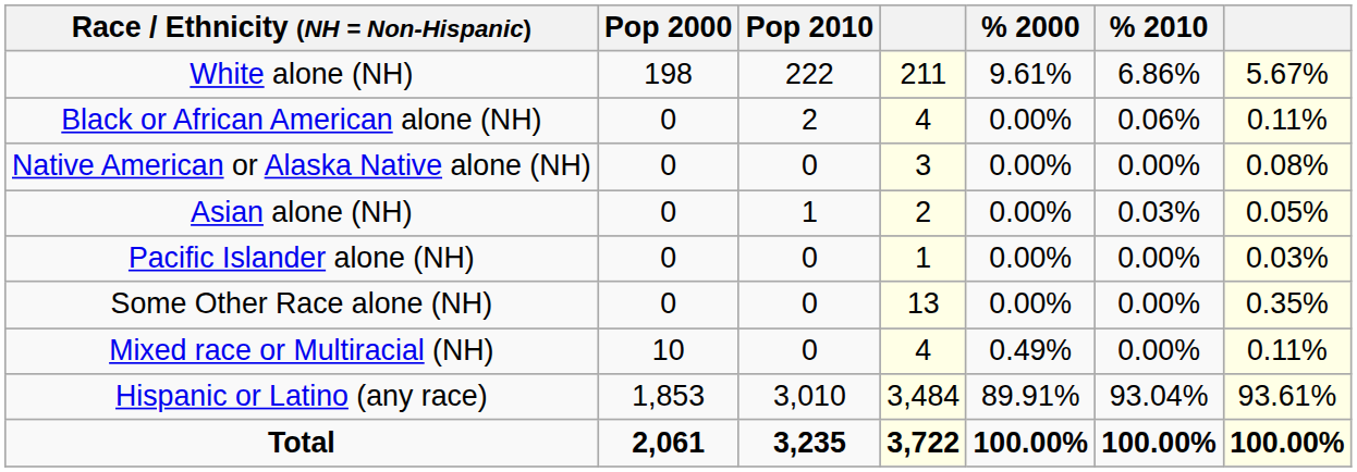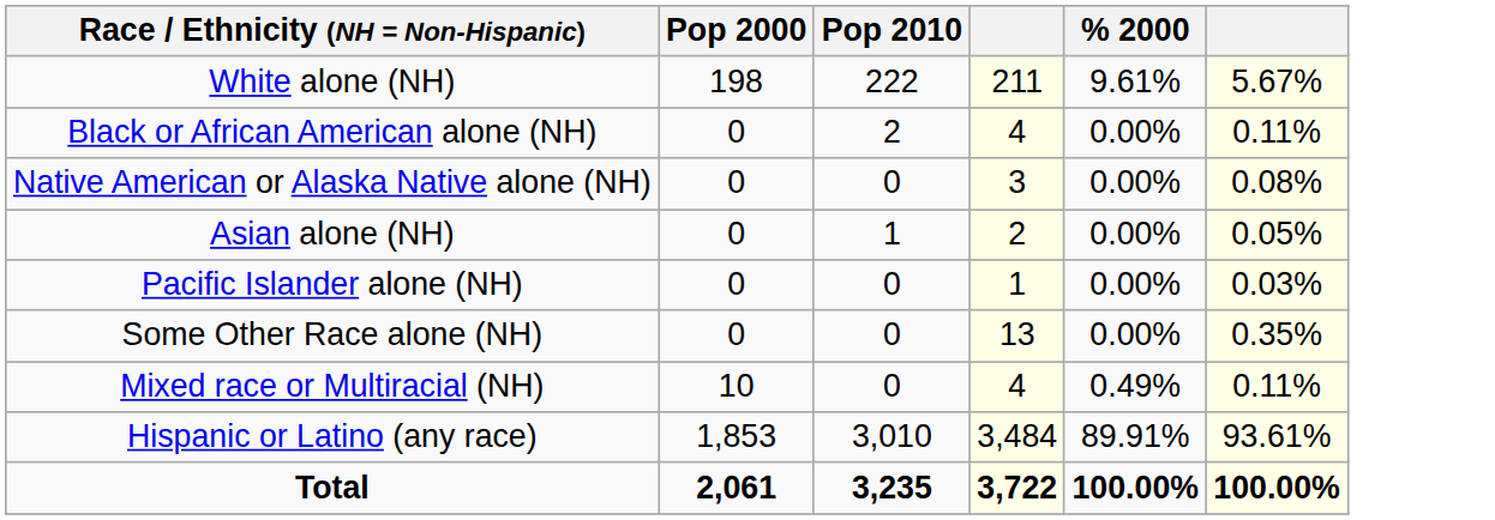 <table class="wikitable" style="text-align:center;">
 <tr>
 <th>Race / Ethnicity <small>(<em>NH = Non-Hispanic</em>)</small></th>
 <th>Pop 2000</th>
 <th>Pop 2010</th>
 <th></th>
 <th>% 2000</th>
-<th>% 2010</th>
 <th></th>
 </tr>
 <tr>
 <td><a href='#'>White</a> alone (NH)</td>
 <td>198</td>
 <td>222</td>
 <td style='background: #ffffe6;'>211</td>
 <td>9.61%</td>
-<td>6.86%</td>
 <td style='background: #ffffe6;'>5.67%</td>
 </tr>
 <tr>
 <td><a href='#'>Black or African American</a> alone (NH)</td>
 <td>0</td>
 <td>2</td>
 <td style='background: #ffffe6;'>4</td>
 <td>0.00%</td>
-<td>0.06%</td>
 <td style='background: #ffffe6;'>0.11%</td>
 </tr>
 <tr>
 <td><a href='#'>Native American</a> or <a href='#'>Alaska Native</a> alone (NH)</td>
 <td>0</td>
 <td>0</td>
 <td style='background: #ffffe6;'>3</td>
-<td>0.00%</td>
 <td>0.00%</td>
 <td style='background: #ffffe6;'>0.08%</td>
 </tr>
 <tr>
 <td><a href='#'>Asian</a> alone (NH)</td>
 <td>0</td>
 <td>1</td>
 <td style='background: #ffffe6;'>2</td>
 <td>0.00%</td>
-<td>0.03%</td>
 <td style='background: #ffffe6;'>0.05%</td>
 </tr>
 <tr>
 <td><a href='#'>Pacific Islander</a> alone (NH)</td>
 <td>0</td>
 <td>0</td>
 <td style='background: #ffffe6;'>1</td>
-<td>0.00%</td>
 <td>0.00%</td>
 <td style='background: #ffffe6;'>0.03%</td>
 </tr>
 <tr>
 <td>Some Other Race alone (NH)</td>
 <td>0</td>
 <td>0</td>
 <td style='background: #ffffe6;'>13</td>
 <td>0.00%</td>
-<td>0.00%</td>
 <td style='background: #ffffe6;'>0.35%</td>
 </tr>
 <tr>
 <td><a href='#'>Mixed race or Multiracial</a> (NH)</td>
 <td>10</td>
 <td>0</td>
 <td style='background: #ffffe6;'>4</td>
 <td>0.49%</td>
-<td>0.00%</td>
 <td style='background: #ffffe6;'>0.11%</td>
 </tr>
 <tr>
 <td><a href='#'>Hispanic or Latino</a> (any race)</td>
 <td>1,853</td>
 <td>3,010</td>
 <td style='background: #ffffe6;'>3,484</td>
 <td>89.91%</td>
-<td>93.04%</td>
 <td style='background: #ffffe6;'>93.61%</td>
 </tr>
 <tr>
 <td><strong>Total</strong></td>
 <td><strong>2,061</strong></td>
 <td><strong>3,235</strong></td>
 <td style='background: #ffffe6;'><strong>3,722</strong></td>
 <td><strong>100.00%</strong></td>
-<td><strong>100.00%</strong></td>
 <td style='background: #ffffe6;'><strong>100.00%</strong></td>
 </tr>
 </table>
